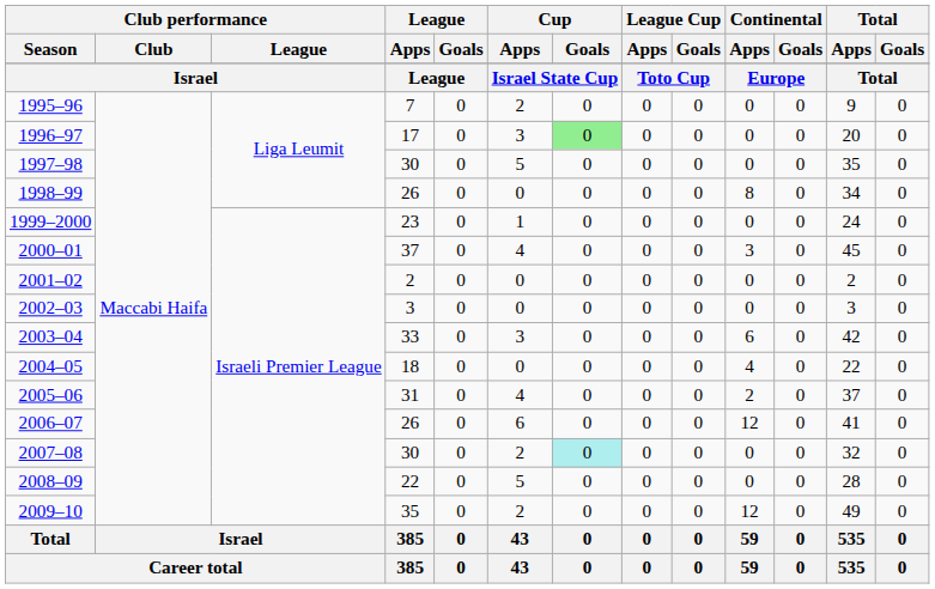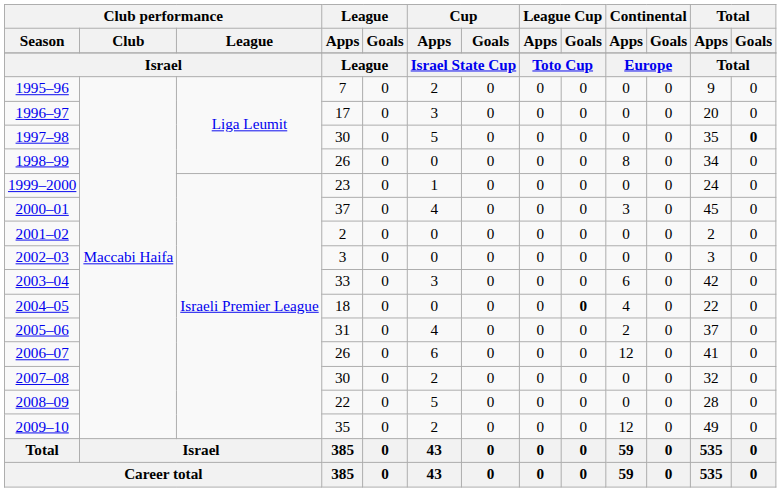 <table class="wikitable" style="text-align:center">
 <tr>
 <th colspan=3>Club performance</th>
 <th colspan=2>League</th>
 <th colspan=2>Cup</th>
 <th colspan=2>League Cup</th>
 <th colspan=2>Continental</th>
 <th colspan=2>Total</th>
 </tr>
 <tr>
 <th>Season</th>
 <th>Club</th>
 <th>League</th>
 <th>Apps</th>
 <th>Goals</th>
 <th>Apps</th>
 <th>Goals</th>
 <th>Apps</th>
 <th>Goals</th>
 <th>Apps</th>
 <th>Goals</th>
 <th>Apps</th>
 <th>Goals</th>
 </tr>
 <tr>
 </tr>
 <tr>
 <th colspan=3>Israel</th>
 <th colspan=2>League</th>
 <th colspan=2><a href='#'>Israel State Cup</a></th>
 <th colspan=2><a href='#'>Toto Cup</a></th>
 <th colspan=2><a href='#'>Europe</a></th>
 <th colspan=2>Total</th>
 </tr>
 <tr>
 <td><a href='#'>1995–96</a></td>
 <td rowspan=15><a href='#'>Maccabi Haifa</a></td>
 <td rowspan=4><a href='#'>Liga Leumit</a></td>
 <td>7</td>
 <td>0</td>
 <td>2</td>
 <td>0</td>
 <td>0</td>
 <td>0</td>
 <td>0</td>
 <td>0</td>
 <td>9</td>
 <td 0>0</td>
 </tr>
 <tr>
 <td><a href='#'>1996–97</a></td>
 <td>17</td>
 <td>0</td>
 <td>3</td>
-<td style="background: lightgreen;">0</td>
+<td>0</td>
 <td>0</td>
 <td>0</td>
 <td>0</td>
 <td>0</td>
 <td>20</td>
 <td 0>0</td>
 </tr>
 <tr>
 <td><a href='#'>1997–98</a></td>
 <td>30</td>
 <td>0</td>
 <td>5</td>
 <td>0</td>
 <td>0</td>
 <td>0</td>
 <td>0</td>
 <td>0</td>
 <td>35</td>
-<td 0>0</td>
+<td 0><strong>0</strong></td>
 </tr>
 <tr>
 <td><a href='#'>1998–99</a></td>
 <td>26</td>
 <td>0</td>
 <td>0</td>
 <td>0</td>
 <td>0</td>
 <td>0</td>
 <td>8</td>
 <td>0</td>
 <td>34</td>
 <td 0>0</td>
 </tr>
 <tr>
 <td><a href='#'>1999–2000</a></td>
 <td rowspan=11><a href='#'>Israeli Premier League</a></td>
 <td>23</td>
 <td>0</td>
 <td>1</td>
 <td>0</td>
 <td>0</td>
 <td>0</td>
 <td>0</td>
 <td>0</td>
 <td>24</td>
 <td 0>0</td>
 </tr>
 <tr>
 <td><a href='#'>2000–01</a></td>
 <td>37</td>
 <td>0</td>
 <td>4</td>
 <td>0</td>
 <td>0</td>
 <td>0</td>
 <td>3</td>
 <td>0</td>
 <td>45</td>
 <td 0>0</td>
 </tr>
 <tr>
 <td><a href='#'>2001–02</a></td>
 <td>2</td>
 <td>0</td>
 <td>0</td>
 <td>0</td>
 <td>0</td>
 <td>0</td>
 <td>0</td>
 <td>0</td>
 <td>2</td>
 <td 0>0</td>
 </tr>
 <tr>
 <td><a href='#'>2002–03</a></td>
 <td>3</td>
 <td>0</td>
 <td>0</td>
 <td>0</td>
 <td>0</td>
 <td>0</td>
 <td>0</td>
 <td>0</td>
 <td>3</td>
 <td 0>0</td>
 </tr>
 <tr>
 <td><a href='#'>2003–04</a></td>
 <td>33</td>
 <td>0</td>
 <td>3</td>
 <td>0</td>
 <td>0</td>
 <td>0</td>
 <td>6</td>
 <td>0</td>
 <td>42</td>
 <td 0>0</td>
 </tr>
 <tr>
 <td><a href='#'>2004–05</a></td>
 <td>18</td>
 <td>0</td>
 <td>0</td>
 <td>0</td>
 <td>0</td>
-<td>0</td>
+<td><strong>0</strong></td>
 <td>4</td>
 <td>0</td>
 <td>22</td>
 <td 0>0</td>
 </tr>
 <tr>
 <td><a href='#'>2005–06</a></td>
 <td>31</td>
 <td>0</td>
 <td>4</td>
 <td>0</td>
 <td>0</td>
 <td>0</td>
 <td>2</td>
 <td>0</td>
 <td>37</td>
 <td 0>0</td>
 </tr>
 <tr>
 <td><a href='#'>2006–07</a></td>
 <td>26</td>
 <td>0</td>
 <td>6</td>
 <td>0</td>
 <td>0</td>
 <td>0</td>
 <td>12</td>
 <td>0</td>
 <td>41</td>
 <td 0>0</td>
 </tr>
 <tr>
 <td><a href='#'>2007–08</a></td>
 <td>30</td>
 <td>0</td>
 <td>2</td>
-<td style="background: paleturquoise;">0</td>
+<td>0</td>
 <td>0</td>
 <td>0</td>
 <td>0</td>
 <td>0</td>
 <td>32</td>
 <td 0>0</td>
 </tr>
 <tr>
 <td><a href='#'>2008–09</a></td>
 <td>22</td>
 <td>0</td>
 <td>5</td>
 <td>0</td>
 <td>0</td>
 <td>0</td>
 <td>0</td>
 <td>0</td>
 <td>28</td>
 <td 0>0</td>
 </tr>
 <tr>
 <td><a href='#'>2009–10</a></td>
 <td>35</td>
 <td>0</td>
 <td>2</td>
 <td>0</td>
 <td>0</td>
 <td>0</td>
 <td>12</td>
 <td>0</td>
 <td>49</td>
 <td 0>0</td>
 </tr>
 <tr>
 <th rowspan=1>Total</th>
 <th colspan=2>Israel</th>
 <th>385</th>
 <th>0</th>
 <th>43</th>
 <th>0</th>
 <th>0</th>
 <th>0</th>
 <th>59</th>
 <th>0</th>
 <th>535</th>
 <th 0>0</th>
 </tr>
 <tr>
 <th colspan=3>Career total</th>
 <th>385</th>
 <th>0</th>
 <th>43</th>
 <th>0</th>
 <th>0</th>
 <th>0</th>
 <th>59</th>
 <th>0</th>
 <th>535</th>
 <th 0>0</th>
 </tr>
 </table>
